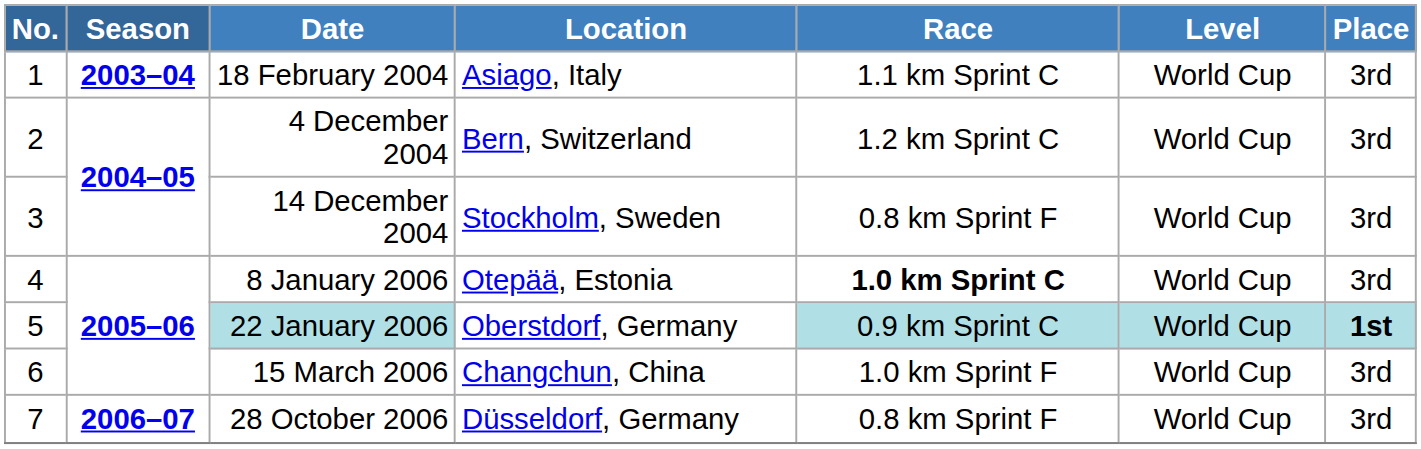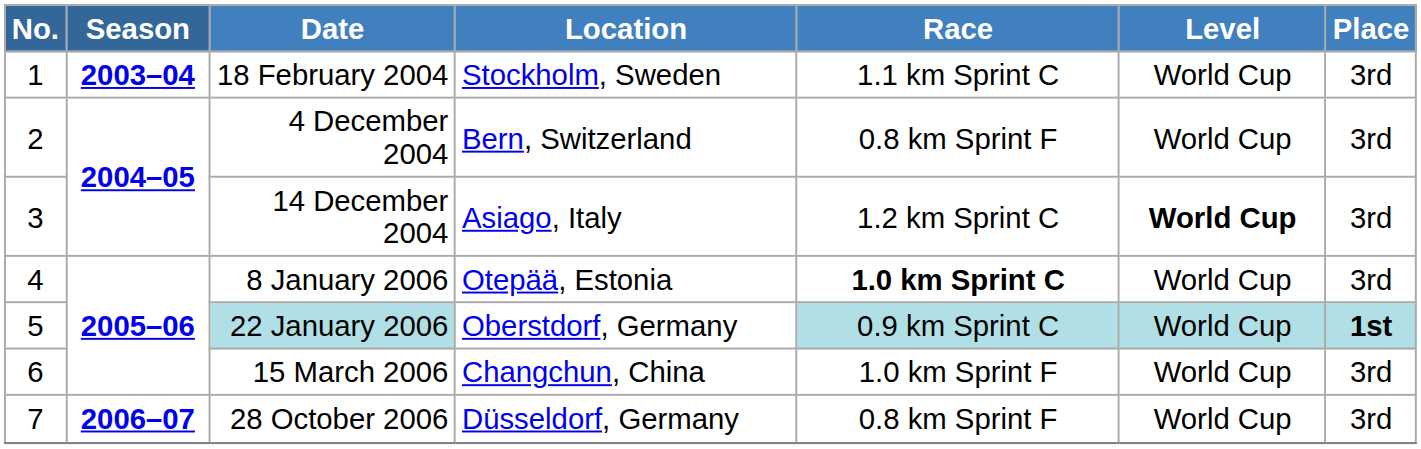 <table class="wikitable sortable" style="font-size:95%; text-align:center; border:grey solid 1px; border-collapse:collapse; background:#ffffff;">
 <tr style="background:#efefef;">
 <th style="background-color:#369; color:white;">No.</th>
 <th style="background-color:#369; color:white;">Season</th>
 <th style="background-color:#4180be; color:white; width:120px;">Date</th>
 <th style="background-color:#4180be; color:white; width:170px;">Location</th>
 <th style="background-color:#4180be; color:white; width:160px;">Race</th>
 <th style="background-color:#4180be; color:white; width:100px;">Level</th>
 <th style="background-color:#4180be; color:white;">Place</th>
 </tr>
 <tr>
 <td align=center>1</td>
 <td rowspan=1 align=center><strong> <a href='#'>2003–04</a> </strong></td>
 <td align=right>18 February 2004</td>
-<td align=left> <a href='#'>Asiago</a>, Italy</td>
+<td align=left> <a href='#'>Stockholm</a>, Sweden</td>
 <td>1.1 km Sprint C</td>
 <td>World Cup</td>
 <td>3rd</td>
 </tr>
 <tr>
 <td align=center>2</td>
 <td rowspan=2 align=center><strong> <a href='#'>2004–05</a> </strong></td>
 <td align=right>4 December 2004</td>
 <td align=left> <a href='#'>Bern</a>, Switzerland</td>
-<td>1.2 km Sprint C</td>
+<td>0.8 km Sprint F</td>
 <td>World Cup</td>
 <td>3rd</td>
 </tr>
 <tr>
 <td align=center>3</td>
 <td align=right>14 December 2004</td>
-<td align=left> <a href='#'>Stockholm</a>, Sweden</td>
-<td>0.8 km Sprint F</td>
-<td>World Cup</td>
+<td align=left> <a href='#'>Asiago</a>, Italy</td>
+<td>1.2 km Sprint C</td>
+<td><strong>World Cup</strong></td>
 <td>3rd</td>
 </tr>
 <tr>
 <td align=center>4</td>
 <td rowspan=3 align=center><strong> <a href='#'>2005–06</a> </strong></td>
 <td align=right>8 January 2006</td>
 <td align=left> <a href='#'>Otepää</a>, Estonia</td>
 <td><strong>1.0 km Sprint C</strong></td>
 <td>World Cup</td>
 <td>3rd</td>
 </tr>
 <tr>
 <td align=center>5</td>
 <td bgcolor="#BOEOE6" align=right>22 January 2006</td>
 <td align=left> <a href='#'>Oberstdorf</a>, Germany</td>
 <td bgcolor="#BOEOE6">0.9 km Sprint C</td>
 <td bgcolor="#BOEOE6">World Cup</td>
 <td bgcolor="#BOEOE6"><strong>1st</strong></td>
 </tr>
 <tr>
 <td align=center>6</td>
 <td align=right>15 March 2006</td>
 <td align=left> <a href='#'>Changchun</a>, China</td>
 <td>1.0 km Sprint F</td>
 <td>World Cup</td>
 <td>3rd</td>
 </tr>
 <tr>
 <td align=center>7</td>
 <td rowspan=1 align=center><strong> <a href='#'>2006–07</a> </strong></td>
 <td align=right>28 October 2006</td>
 <td align=left> <a href='#'>Düsseldorf</a>, Germany</td>
 <td>0.8 km Sprint F</td>
 <td>World Cup</td>
 <td>3rd</td>
 </tr>
 <tr>
 </tr>
 </table>
